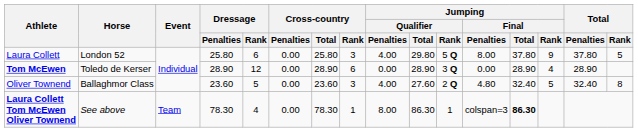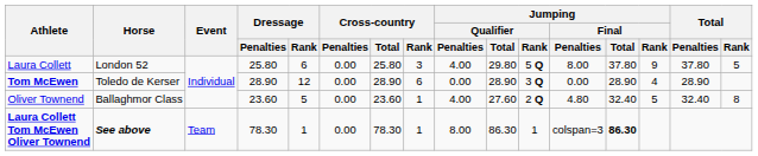 <table class=wikitable style=font-size:90%;text-align:center>
 <tr>
 <th rowspan=3>Athlete</th>
 <th rowspan=3>Horse</th>
 <th rowspan=3>Event</th>
 <th colspan=2 rowspan=2>Dressage</th>
 <th colspan=3 rowspan=2>Cross-country</th>
 <th colspan=6>Jumping</th>
 <th colspan=2 rowspan=2>Total</th>
 </tr>
 <tr style=font-size:95%>
 <th colspan=3>Qualifier</th>
 <th colspan=3>Final</th>
 </tr>
 <tr style=font-size:95%>
 <th>Penalties</th>
 <th>Rank</th>
 <th>Penalties</th>
 <th>Total</th>
 <th>Rank</th>
 <th>Penalties</th>
 <th>Total</th>
 <th>Rank</th>
 <th>Penalties</th>
 <th>Total</th>
 <th>Rank</th>
 <th>Penalties</th>
 <th>Rank</th>
 </tr>
 <tr>
 <td align=left><a href='#'>Laura Collett</a></td>
 <td align=left>London 52</td>
 <td rowspan=3 align=left><a href='#'>Individual</a></td>
 <td>25.80</td>
 <td>6</td>
 <td>0.00</td>
 <td>25.80</td>
 <td>3</td>
 <td>4.00</td>
 <td>29.80</td>
 <td>5 <strong>Q</strong></td>
 <td>8.00</td>
 <td>37.80</td>
 <td>9</td>
 <td>37.80</td>
 <td>5</td>
 </tr>
 <tr>
 <td align=left><strong><a href='#'>Tom McEwen</a></strong></td>
 <td align=left>Toledo de Kerser</td>
 <td>28.90</td>
 <td>12</td>
 <td>0.00</td>
 <td>28.90</td>
 <td>6</td>
 <td>0.00</td>
 <td>28.90</td>
 <td>3 <strong>Q</strong></td>
 <td>0.00</td>
 <td>28.90</td>
 <td>4</td>
 <td>28.90</td>
 <td></td>
 </tr>
 <tr>
 <td align=left><a href='#'>Oliver Townend</a></td>
 <td align=left>Ballaghmor Class</td>
 <td>23.60</td>
 <td>5</td>
 <td>0.00</td>
 <td>23.60</td>
-<td>3</td>
+<td>1</td>
 <td>4.00</td>
 <td>27.60</td>
 <td>2 <strong>Q</strong></td>
 <td>4.80</td>
 <td>32.40</td>
 <td>5</td>
 <td>32.40</td>
 <td>8</td>
 </tr>
 <tr>
 <td align=left><strong><a href='#'>Laura Collett</a><br><a href='#'>Tom McEwen</a><br><a href='#'>Oliver Townend</a></strong></td>
-<td align=left><em>See above</em></td>
+<td align=left><strong><em>See above</em></strong></td>
 <td align=left><a href='#'>Team</a></td>
 <td>78.30</td>
-<td>4</td>
+<td>1</td>
 <td>0.00</td>
 <td>78.30</td>
 <td>1</td>
 <td>8.00</td>
 <td>86.30</td>
 <td>1</td>
 <td>colspan=3 </td>
 <td><strong>86.30</strong></td>
 <td></td>
 </tr>
 </table>
